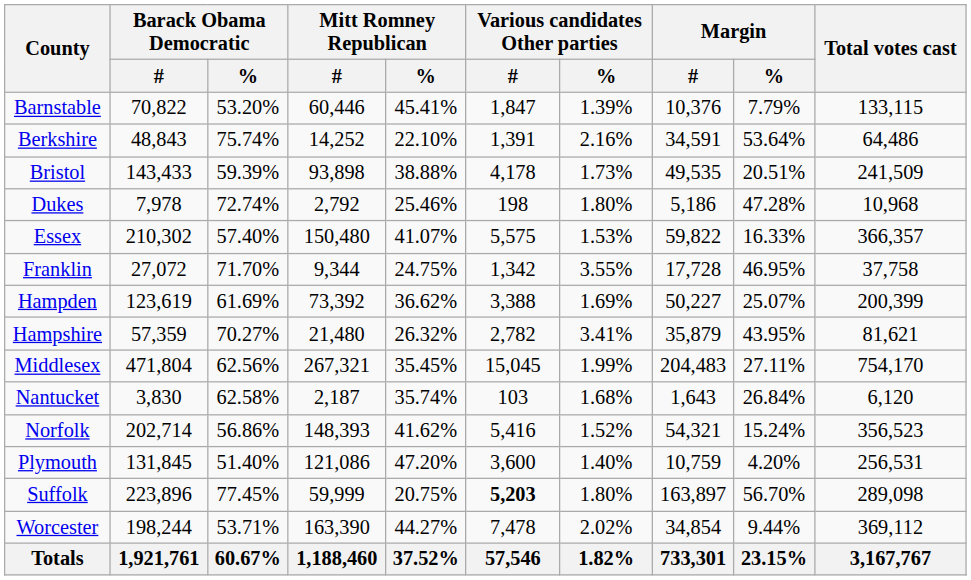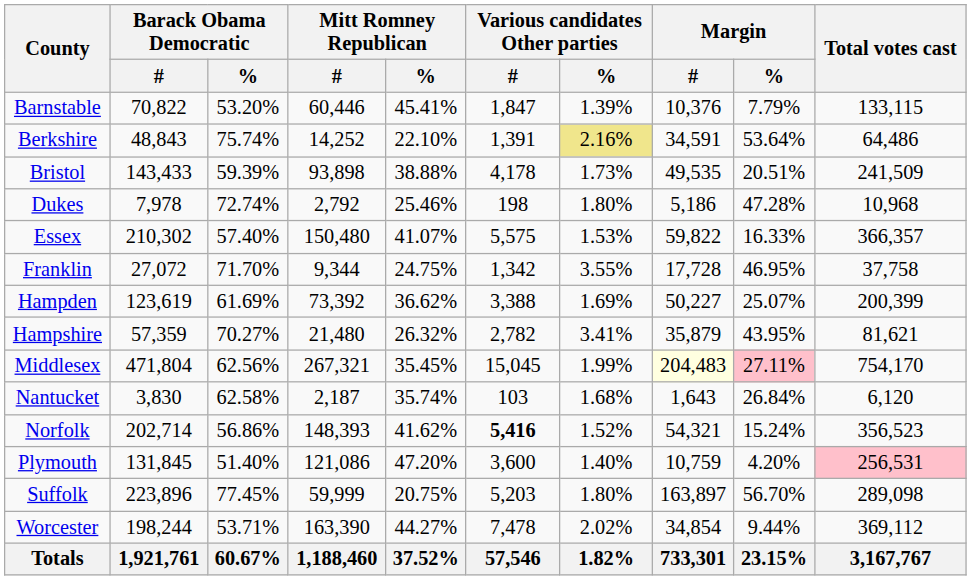 <table width="60%"  class="wikitable sortable" style="text-align:center">
 <tr>
 <th style="text-align:center;" rowspan="2">County</th>
 <th style="text-align:center;" colspan="2">Barack Obama<br>Democratic</th>
 <th style="text-align:center;" colspan="2">Mitt Romney<br>Republican</th>
 <th style="text-align:center;" colspan="2">Various candidates<br>Other parties</th>
 <th style="text-align:center;" colspan="2">Margin</th>
 <th style="text-align:center;" rowspan="2">Total votes cast</th>
 </tr>
 <tr>
 <th style="text-align:center;" data-sort-type="number">#</th>
 <th style="text-align:center;" data-sort-type="number">%</th>
 <th style="text-align:center;" data-sort-type="number">#</th>
 <th style="text-align:center;" data-sort-type="number">%</th>
 <th style="text-align:center;" data-sort-type="number">#</th>
 <th style="text-align:center;" data-sort-type="number">%</th>
 <th style="text-align:center;" data-sort-type="number">#</th>
 <th style="text-align:center;" data-sort-type="number">%</th>
 </tr>
 <tr style="text-align:center;">
 <td><a href='#'>Barnstable</a></td>
 <td>70,822</td>
 <td>53.20%</td>
 <td>60,446</td>
 <td>45.41%</td>
 <td>1,847</td>
 <td>1.39%</td>
 <td>10,376</td>
 <td>7.79%</td>
 <td>133,115</td>
 </tr>
 <tr style="text-align:center;">
 <td><a href='#'>Berkshire</a></td>
 <td>48,843</td>
 <td>75.74%</td>
 <td>14,252</td>
 <td>22.10%</td>
 <td>1,391</td>
-<td>2.16%</td>
+<td style="background: khaki;">2.16%</td>
 <td>34,591</td>
 <td>53.64%</td>
 <td>64,486</td>
 </tr>
 <tr style="text-align:center;">
 <td><a href='#'>Bristol</a></td>
 <td>143,433</td>
 <td>59.39%</td>
 <td>93,898</td>
 <td>38.88%</td>
 <td>4,178</td>
 <td>1.73%</td>
 <td>49,535</td>
 <td>20.51%</td>
 <td>241,509</td>
 </tr>
 <tr style="text-align:center;">
 <td><a href='#'>Dukes</a></td>
 <td>7,978</td>
 <td>72.74%</td>
 <td>2,792</td>
 <td>25.46%</td>
 <td>198</td>
 <td>1.80%</td>
 <td>5,186</td>
 <td>47.28%</td>
 <td>10,968</td>
 </tr>
 <tr style="text-align:center;">
 <td><a href='#'>Essex</a></td>
 <td>210,302</td>
 <td>57.40%</td>
 <td>150,480</td>
 <td>41.07%</td>
 <td>5,575</td>
 <td>1.53%</td>
 <td>59,822</td>
 <td>16.33%</td>
 <td>366,357</td>
 </tr>
 <tr style="text-align:center;">
 <td><a href='#'>Franklin</a></td>
 <td>27,072</td>
 <td>71.70%</td>
 <td>9,344</td>
 <td>24.75%</td>
 <td>1,342</td>
 <td>3.55%</td>
 <td>17,728</td>
 <td>46.95%</td>
 <td>37,758</td>
 </tr>
 <tr style="text-align:center;">
 <td><a href='#'>Hampden</a></td>
 <td>123,619</td>
 <td>61.69%</td>
 <td>73,392</td>
 <td>36.62%</td>
 <td>3,388</td>
 <td>1.69%</td>
 <td>50,227</td>
 <td>25.07%</td>
 <td>200,399</td>
 </tr>
 <tr style="text-align:center;">
 <td><a href='#'>Hampshire</a></td>
 <td>57,359</td>
 <td>70.27%</td>
 <td>21,480</td>
 <td>26.32%</td>
 <td>2,782</td>
 <td>3.41%</td>
 <td>35,879</td>
 <td>43.95%</td>
 <td>81,621</td>
 </tr>
 <tr style="text-align:center;">
 <td><a href='#'>Middlesex</a></td>
 <td>471,804</td>
 <td>62.56%</td>
 <td>267,321</td>
 <td>35.45%</td>
 <td>15,045</td>
 <td>1.99%</td>
-<td>204,483</td>
-<td>27.11%</td>
+<td style="background: lightyellow;">204,483</td>
+<td style="background: pink;">27.11%</td>
 <td>754,170</td>
 </tr>
 <tr style="text-align:center;">
 <td><a href='#'>Nantucket</a></td>
 <td>3,830</td>
 <td>62.58%</td>
 <td>2,187</td>
 <td>35.74%</td>
 <td>103</td>
 <td>1.68%</td>
 <td>1,643</td>
 <td>26.84%</td>
 <td>6,120</td>
 </tr>
 <tr style="text-align:center;">
 <td><a href='#'>Norfolk</a></td>
 <td>202,714</td>
 <td>56.86%</td>
 <td>148,393</td>
 <td>41.62%</td>
-<td>5,416</td>
+<td><strong>5,416</strong></td>
 <td>1.52%</td>
 <td>54,321</td>
 <td>15.24%</td>
 <td>356,523</td>
 </tr>
 <tr style="text-align:center;">
 <td><a href='#'>Plymouth</a></td>
 <td>131,845</td>
 <td>51.40%</td>
 <td>121,086</td>
 <td>47.20%</td>
 <td>3,600</td>
 <td>1.40%</td>
 <td>10,759</td>
 <td>4.20%</td>
-<td>256,531</td>
+<td style="background: pink;">256,531</td>
 </tr>
 <tr style="text-align:center;">
 <td><a href='#'>Suffolk</a></td>
 <td>223,896</td>
 <td>77.45%</td>
 <td>59,999</td>
 <td>20.75%</td>
-<td><strong>5,203</strong></td>
+<td>5,203</td>
 <td>1.80%</td>
 <td>163,897</td>
 <td>56.70%</td>
 <td>289,098</td>
 </tr>
 <tr style="text-align:center;">
 <td><a href='#'>Worcester</a></td>
 <td>198,244</td>
 <td>53.71%</td>
 <td>163,390</td>
 <td>44.27%</td>
 <td>7,478</td>
 <td>2.02%</td>
 <td>34,854</td>
 <td>9.44%</td>
 <td>369,112</td>
 </tr>
 <tr>
 <th>Totals</th>
 <th>1,921,761</th>
 <th>60.67%</th>
 <th>1,188,460</th>
 <th>37.52%</th>
 <th>57,546</th>
 <th>1.82%</th>
 <th>733,301</th>
 <th>23.15%</th>
 <th>3,167,767</th>
 </tr>
 </table>
